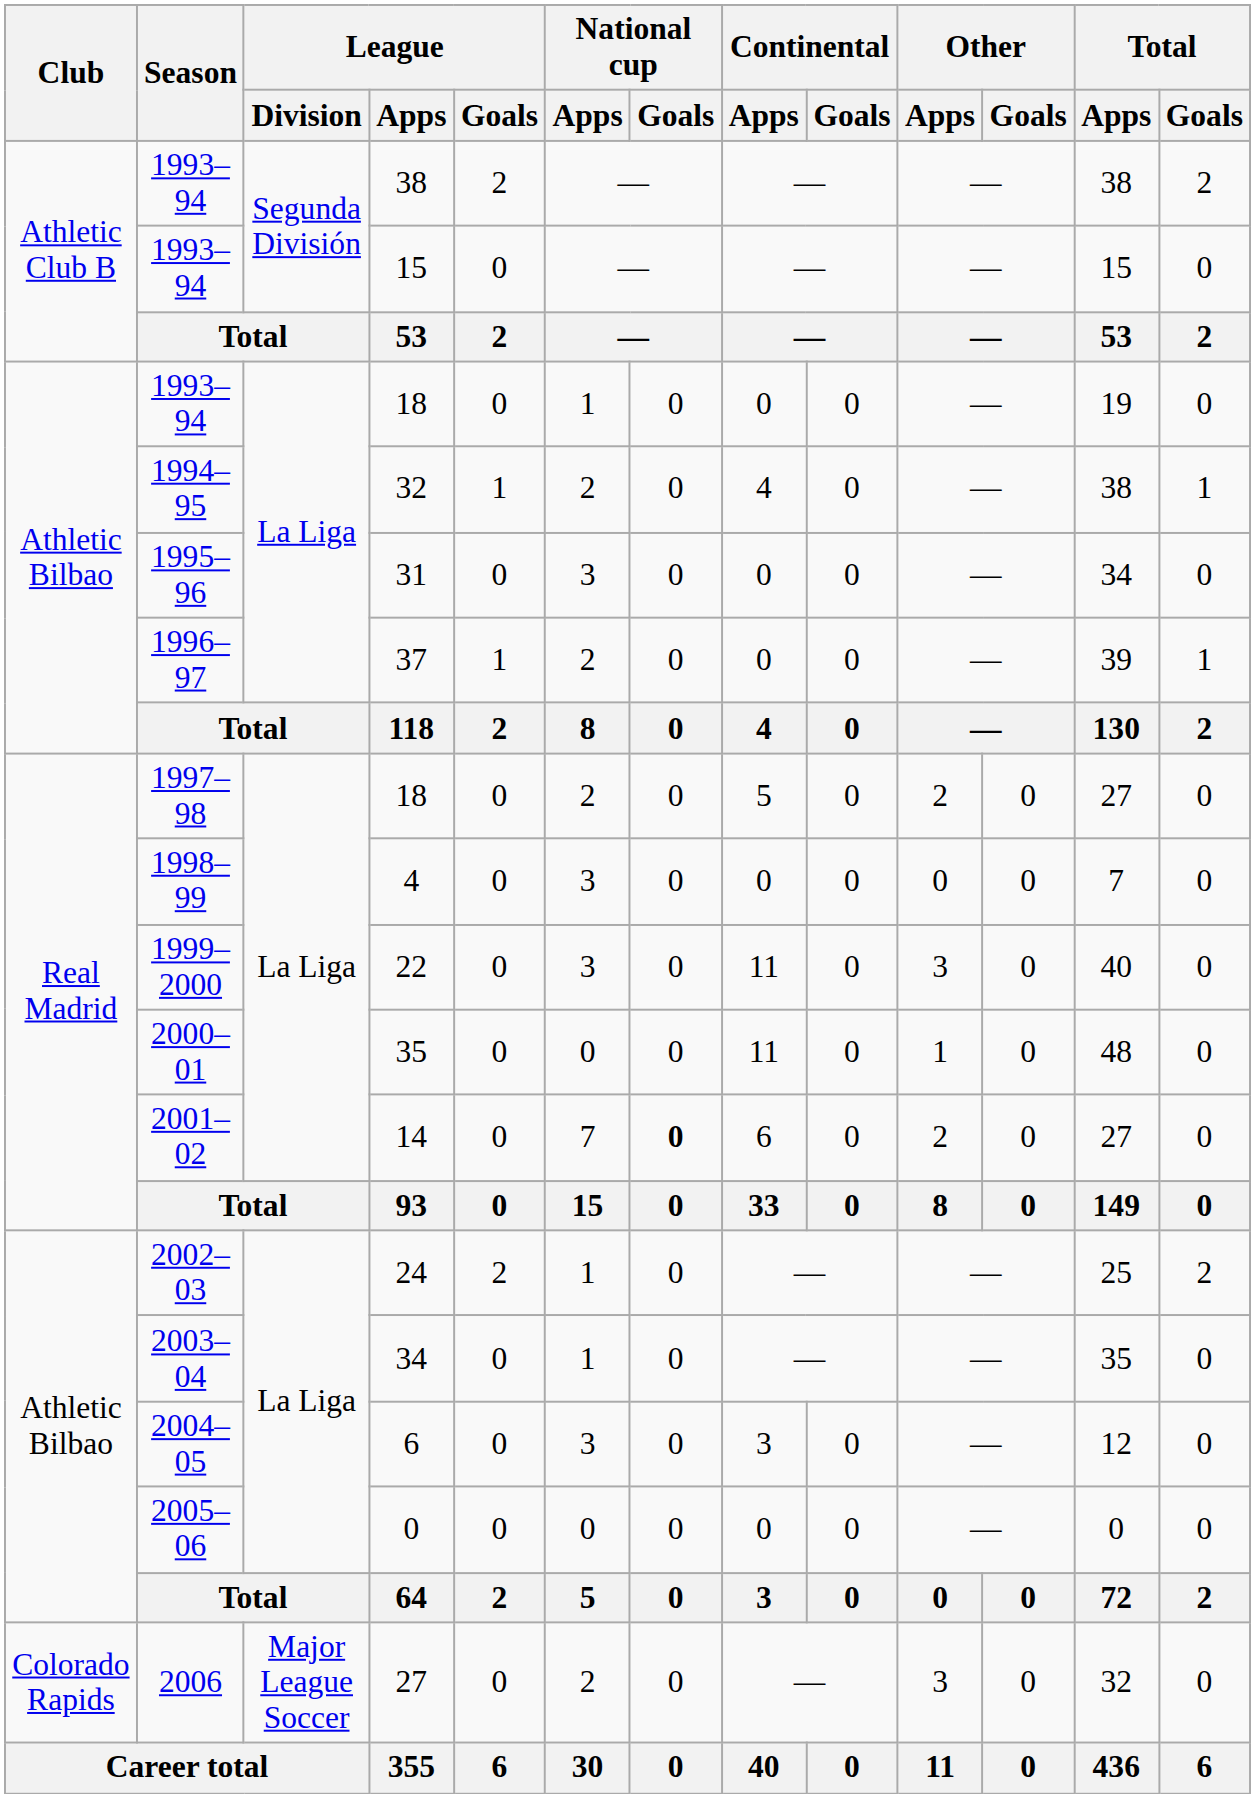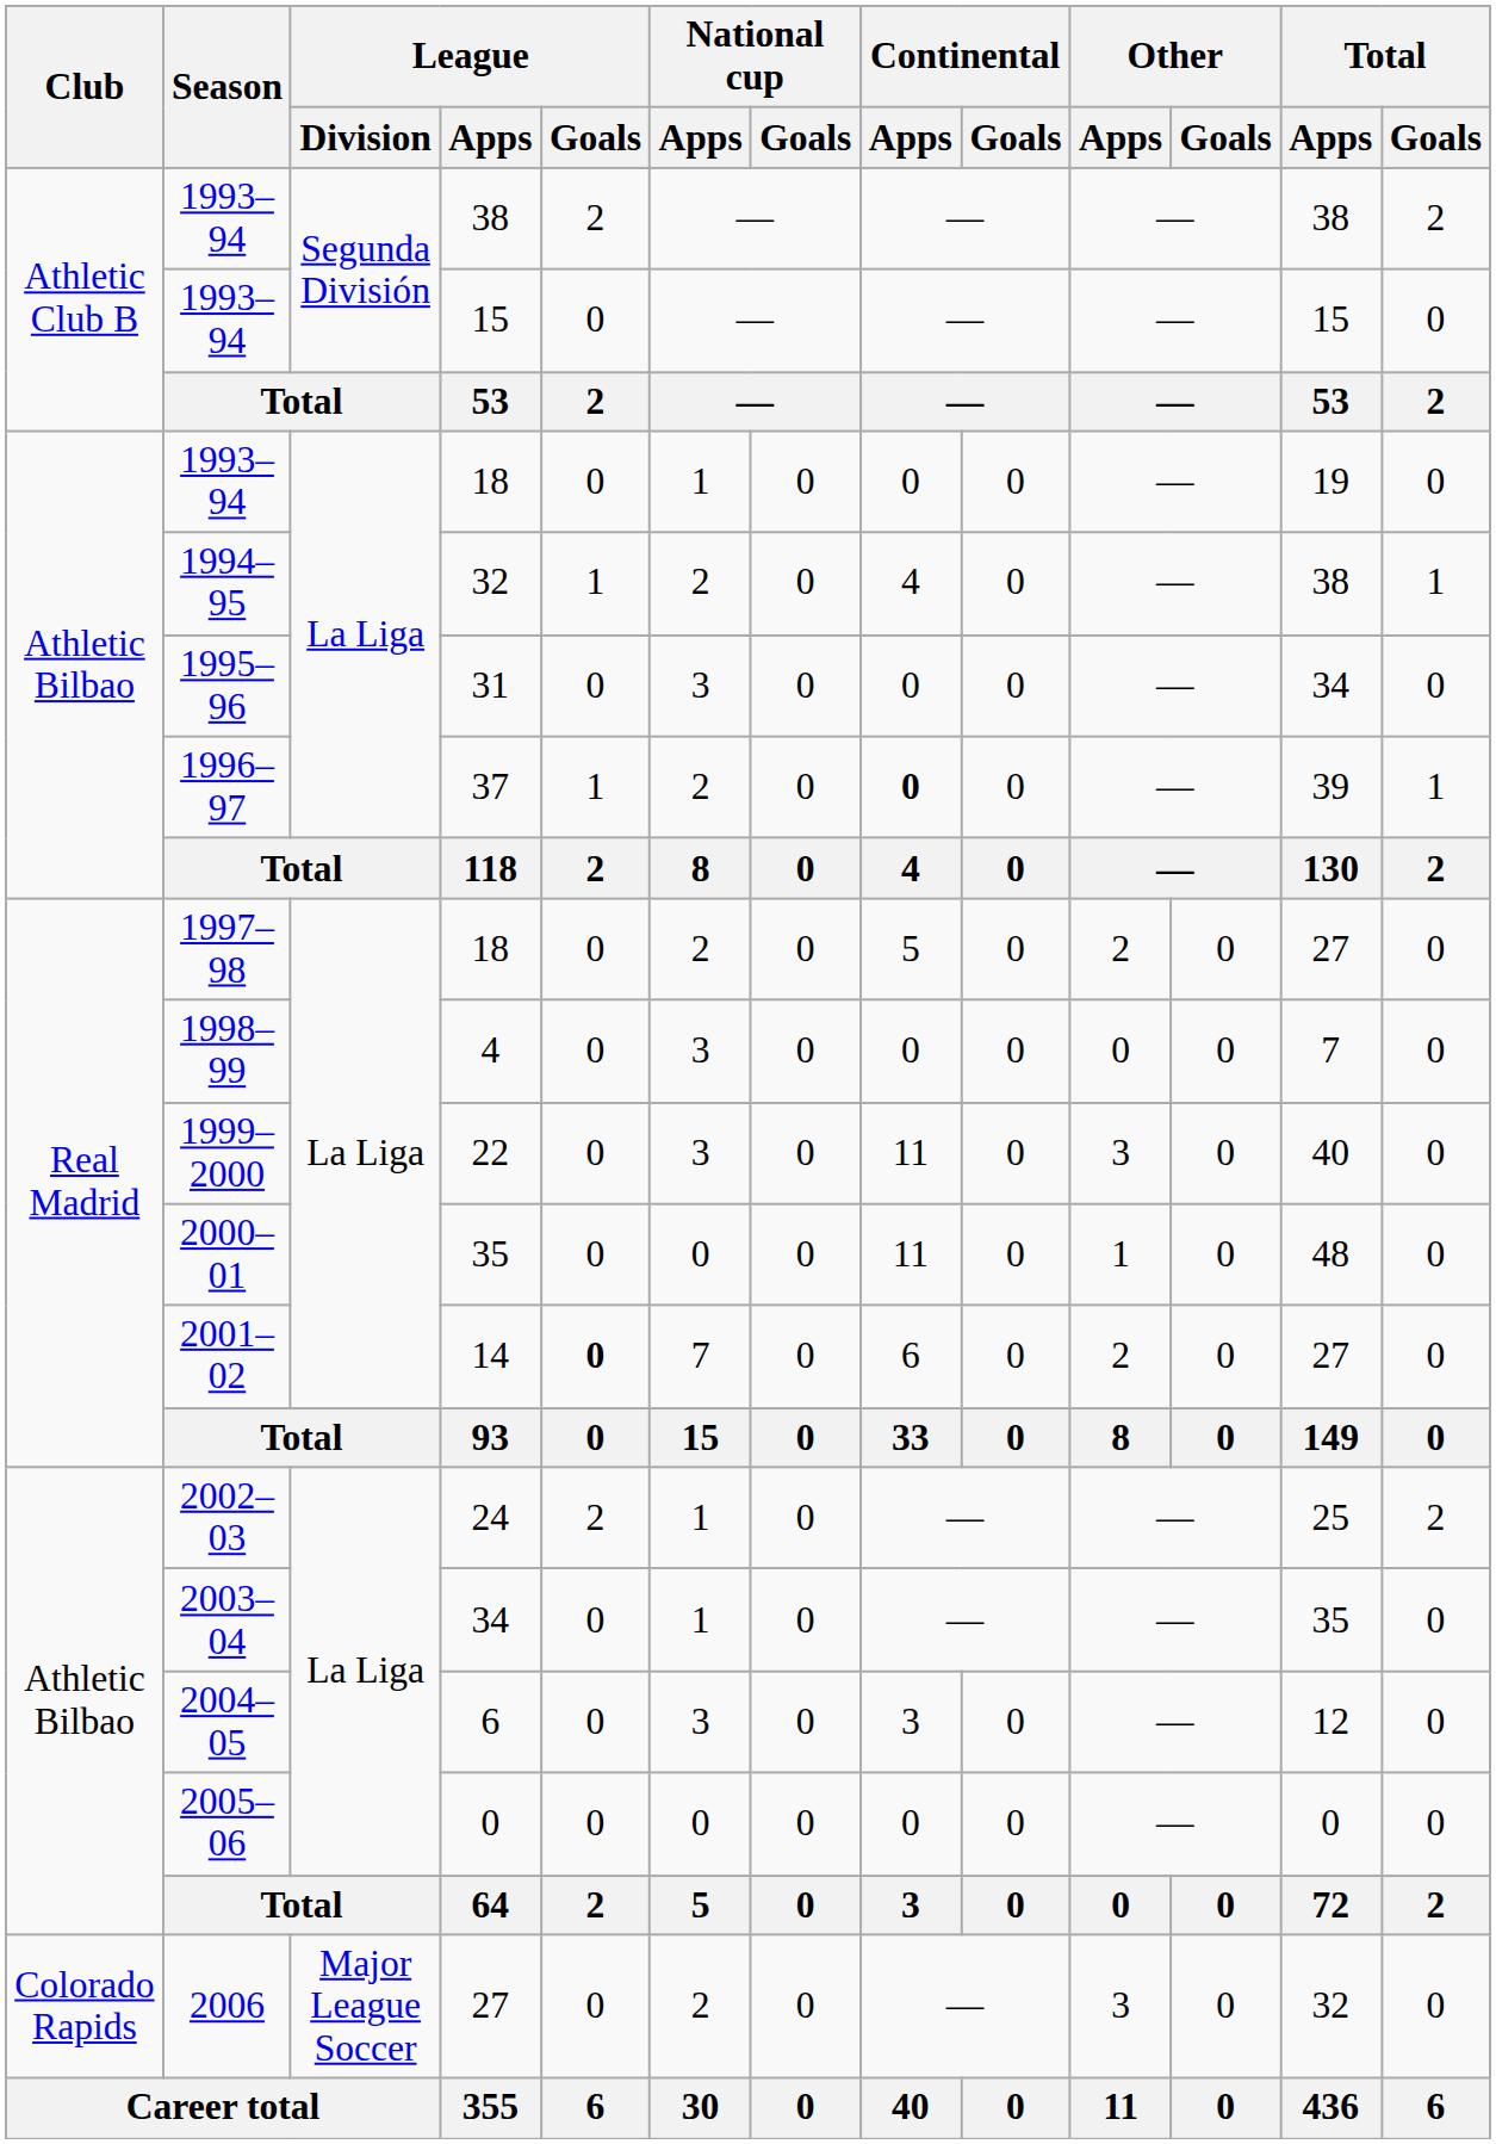 <table class=wikitable style=text-align:center>
 <tr>
 <th rowspan=2>Club</th>
 <th rowspan=2>Season</th>
 <th colspan=3>League</th>
 <th colspan=2>National cup</th>
 <th colspan=2>Continental</th>
 <th colspan=2>Other</th>
 <th colspan=2>Total</th>
 </tr>
 <tr>
 <th>Division</th>
 <th>Apps</th>
 <th>Goals</th>
 <th>Apps</th>
 <th>Goals</th>
 <th>Apps</th>
 <th>Goals</th>
 <th>Apps</th>
 <th>Goals</th>
 <th>Apps</th>
 <th>Goals</th>
 </tr>
 <tr>
 <td rowspan="3"><a href='#'>Athletic Club B</a></td>
 <td><a href='#'>1993–94</a></td>
 <td rowspan="2"><a href='#'>Segunda División</a></td>
 <td>38</td>
 <td>2</td>
 <td colspan="2">—</td>
 <td colspan="2">—</td>
 <td colspan="2">—</td>
 <td>38</td>
 <td>2</td>
 </tr>
 <tr>
 <td><a href='#'>1993–94</a></td>
 <td>15</td>
 <td>0</td>
 <td colspan="2">—</td>
 <td colspan="2">—</td>
 <td colspan="2">—</td>
 <td>15</td>
 <td>0</td>
 </tr>
 <tr>
 <th colspan="2">Total</th>
 <th>53</th>
 <th>2</th>
 <th colspan="2">—</th>
 <th colspan="2">—</th>
 <th colspan="2">—</th>
 <th>53</th>
 <th>2</th>
 </tr>
 <tr>
 <td rowspan="5"><a href='#'>Athletic Bilbao</a></td>
 <td><a href='#'>1993–94</a></td>
 <td rowspan="4"><a href='#'>La Liga</a></td>
 <td>18</td>
 <td>0</td>
 <td>1</td>
 <td>0</td>
 <td>0</td>
 <td>0</td>
 <td colspan="2">—</td>
 <td>19</td>
 <td>0</td>
 </tr>
 <tr>
 <td><a href='#'>1994–95</a></td>
 <td>32</td>
 <td>1</td>
 <td>2</td>
 <td>0</td>
 <td>4</td>
 <td>0</td>
 <td colspan="2">—</td>
 <td>38</td>
 <td>1</td>
 </tr>
 <tr>
 <td><a href='#'>1995–96</a></td>
 <td>31</td>
 <td>0</td>
 <td>3</td>
 <td>0</td>
 <td>0</td>
 <td>0</td>
 <td colspan="2">—</td>
 <td>34</td>
 <td>0</td>
 </tr>
 <tr>
 <td><a href='#'>1996–97</a></td>
 <td>37</td>
 <td>1</td>
 <td>2</td>
 <td>0</td>
-<td>0</td>
+<td><strong>0</strong></td>
 <td>0</td>
 <td colspan="2">—</td>
 <td>39</td>
 <td>1</td>
 </tr>
 <tr>
 <th colspan="2">Total</th>
 <th>118</th>
 <th>2</th>
 <th>8</th>
 <th>0</th>
 <th>4</th>
 <th>0</th>
 <th colspan="2">—</th>
 <th>130</th>
 <th>2</th>
 </tr>
 <tr>
 <td rowspan="6"><a href='#'>Real Madrid</a></td>
 <td><a href='#'>1997–98</a></td>
 <td rowspan="5">La Liga</td>
 <td>18</td>
 <td>0</td>
 <td>2</td>
 <td>0</td>
 <td>5</td>
 <td>0</td>
 <td>2</td>
 <td>0</td>
 <td>27</td>
 <td>0</td>
 </tr>
 <tr>
 <td><a href='#'>1998–99</a></td>
 <td>4</td>
 <td>0</td>
 <td>3</td>
 <td>0</td>
 <td>0</td>
 <td>0</td>
 <td>0</td>
 <td>0</td>
 <td>7</td>
 <td>0</td>
 </tr>
 <tr>
 <td><a href='#'>1999–2000</a></td>
 <td>22</td>
 <td>0</td>
 <td>3</td>
 <td>0</td>
 <td>11</td>
 <td>0</td>
 <td>3</td>
 <td>0</td>
 <td>40</td>
 <td>0</td>
 </tr>
 <tr>
 <td><a href='#'>2000–01</a></td>
 <td>35</td>
 <td>0</td>
 <td>0</td>
 <td>0</td>
 <td>11</td>
 <td>0</td>
 <td>1</td>
 <td>0</td>
 <td>48</td>
 <td>0</td>
 </tr>
 <tr>
 <td><a href='#'>2001–02</a></td>
 <td>14</td>
+<td><strong>0</strong></td>
+<td>7</td>
 <td>0</td>
-<td>7</td>
-<td><strong>0</strong></td>
 <td>6</td>
 <td>0</td>
 <td>2</td>
 <td>0</td>
 <td>27</td>
 <td>0</td>
 </tr>
 <tr>
 <th colspan=2>Total</th>
 <th>93</th>
 <th>0</th>
 <th>15</th>
 <th>0</th>
 <th>33</th>
 <th>0</th>
 <th>8</th>
 <th>0</th>
 <th>149</th>
 <th>0</th>
 </tr>
 <tr>
 <td rowspan="5">Athletic Bilbao</td>
 <td><a href='#'>2002–03</a></td>
 <td rowspan=4>La Liga</td>
 <td>24</td>
 <td>2</td>
 <td>1</td>
 <td>0</td>
 <td colspan="2">—</td>
 <td colspan="2">—</td>
 <td>25</td>
 <td>2</td>
 </tr>
 <tr>
 <td><a href='#'>2003–04</a></td>
 <td>34</td>
 <td>0</td>
 <td>1</td>
 <td>0</td>
 <td colspan="2">—</td>
 <td colspan="2">—</td>
 <td>35</td>
 <td>0</td>
 </tr>
 <tr>
 <td><a href='#'>2004–05</a></td>
 <td>6</td>
 <td>0</td>
 <td>3</td>
 <td>0</td>
 <td>3</td>
 <td>0</td>
 <td colspan="2">—</td>
 <td>12</td>
 <td>0</td>
 </tr>
 <tr>
 <td><a href='#'>2005–06</a></td>
 <td>0</td>
 <td>0</td>
 <td>0</td>
 <td>0</td>
 <td>0</td>
 <td>0</td>
 <td colspan="2">—</td>
 <td>0</td>
 <td>0</td>
 </tr>
 <tr>
 <th colspan=2>Total</th>
 <th>64</th>
 <th>2</th>
 <th>5</th>
 <th>0</th>
 <th>3</th>
 <th>0</th>
 <th>0</th>
 <th>0</th>
 <th>72</th>
 <th>2</th>
 </tr>
 <tr>
 <td><a href='#'>Colorado Rapids</a></td>
 <td><a href='#'>2006</a></td>
 <td><a href='#'>Major League Soccer</a></td>
 <td>27</td>
 <td>0</td>
 <td>2</td>
 <td>0</td>
 <td colspan="2">—</td>
 <td>3</td>
 <td>0</td>
 <td>32</td>
 <td>0</td>
 </tr>
 <tr>
 <th colspan="3">Career total</th>
 <th>355</th>
 <th>6</th>
 <th>30</th>
 <th>0</th>
 <th>40</th>
 <th>0</th>
 <th>11</th>
 <th>0</th>
 <th>436</th>
 <th>6</th>
 </tr>
 </table>
